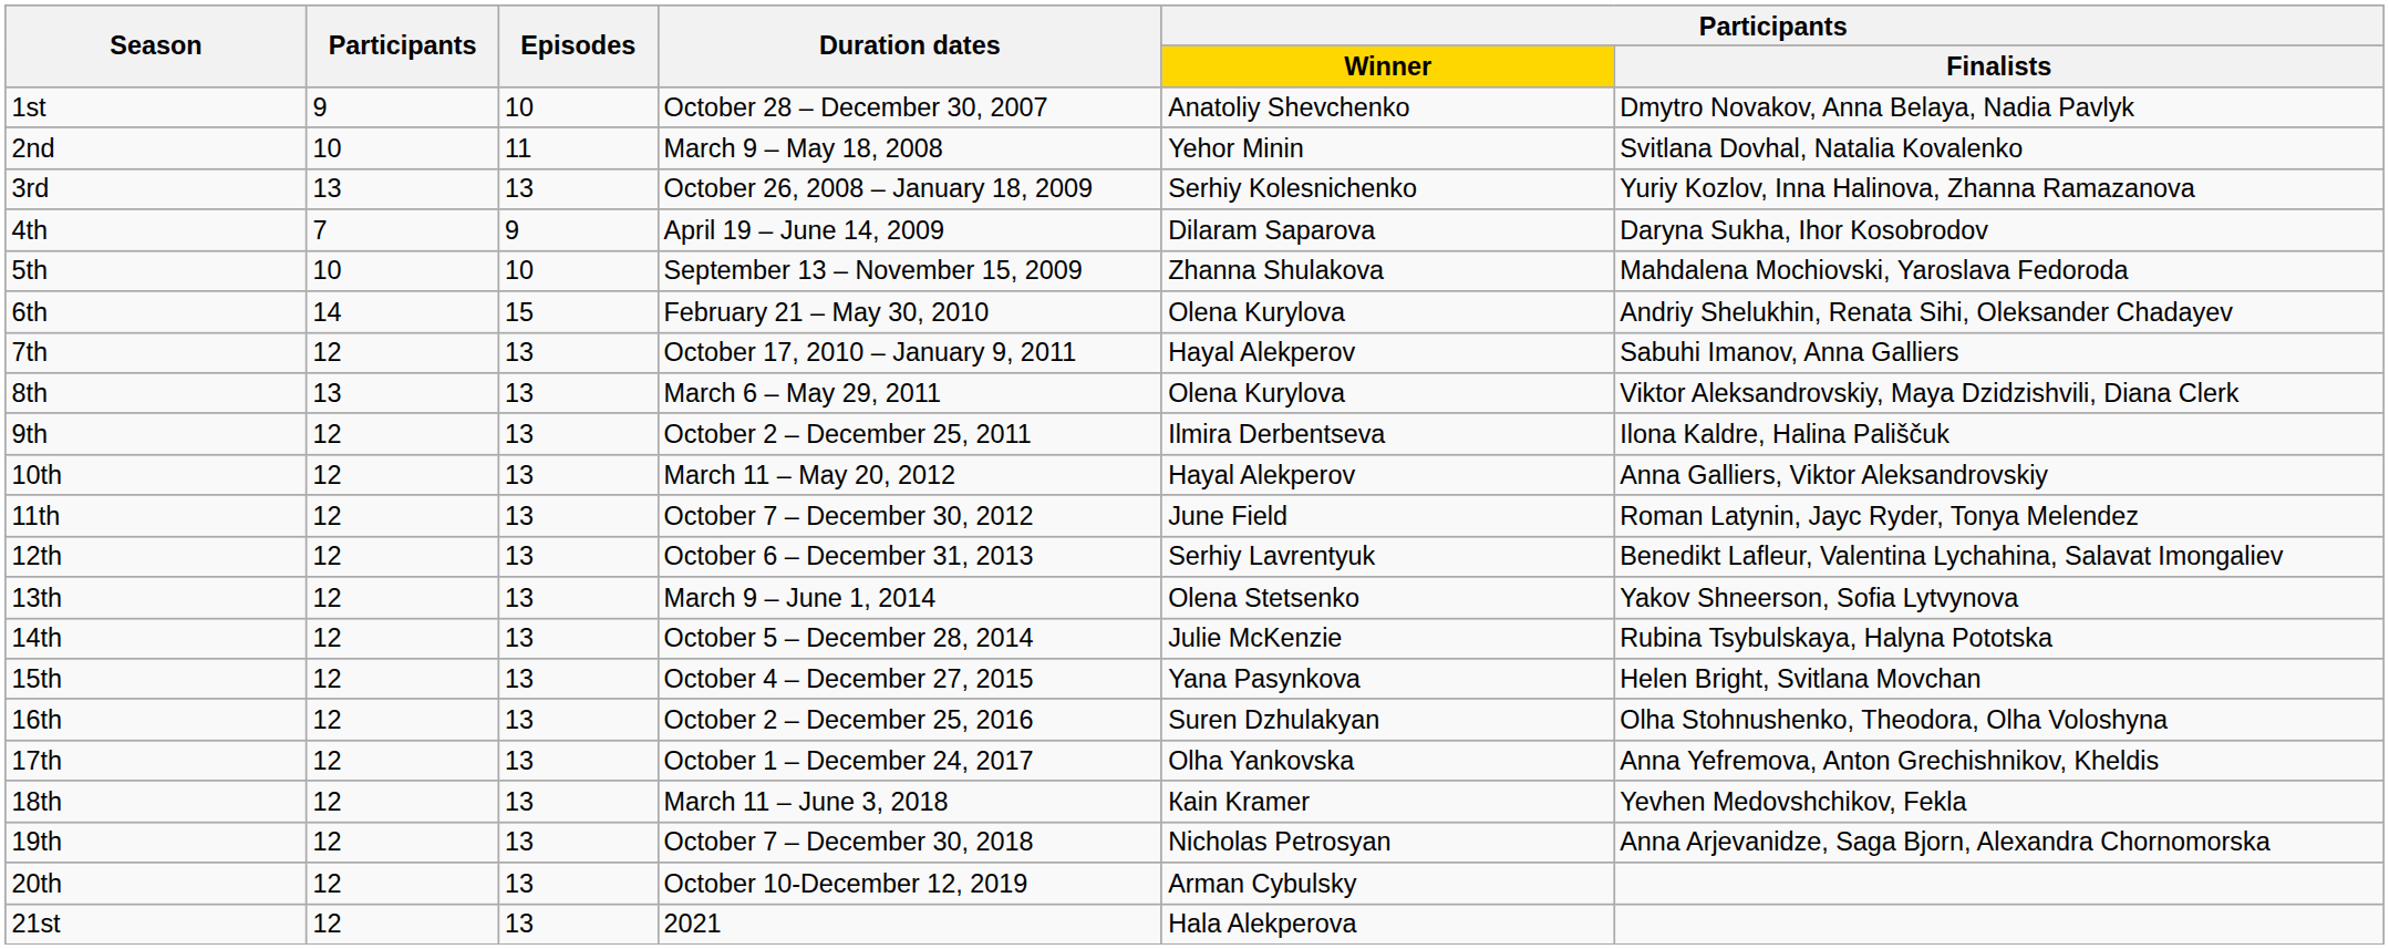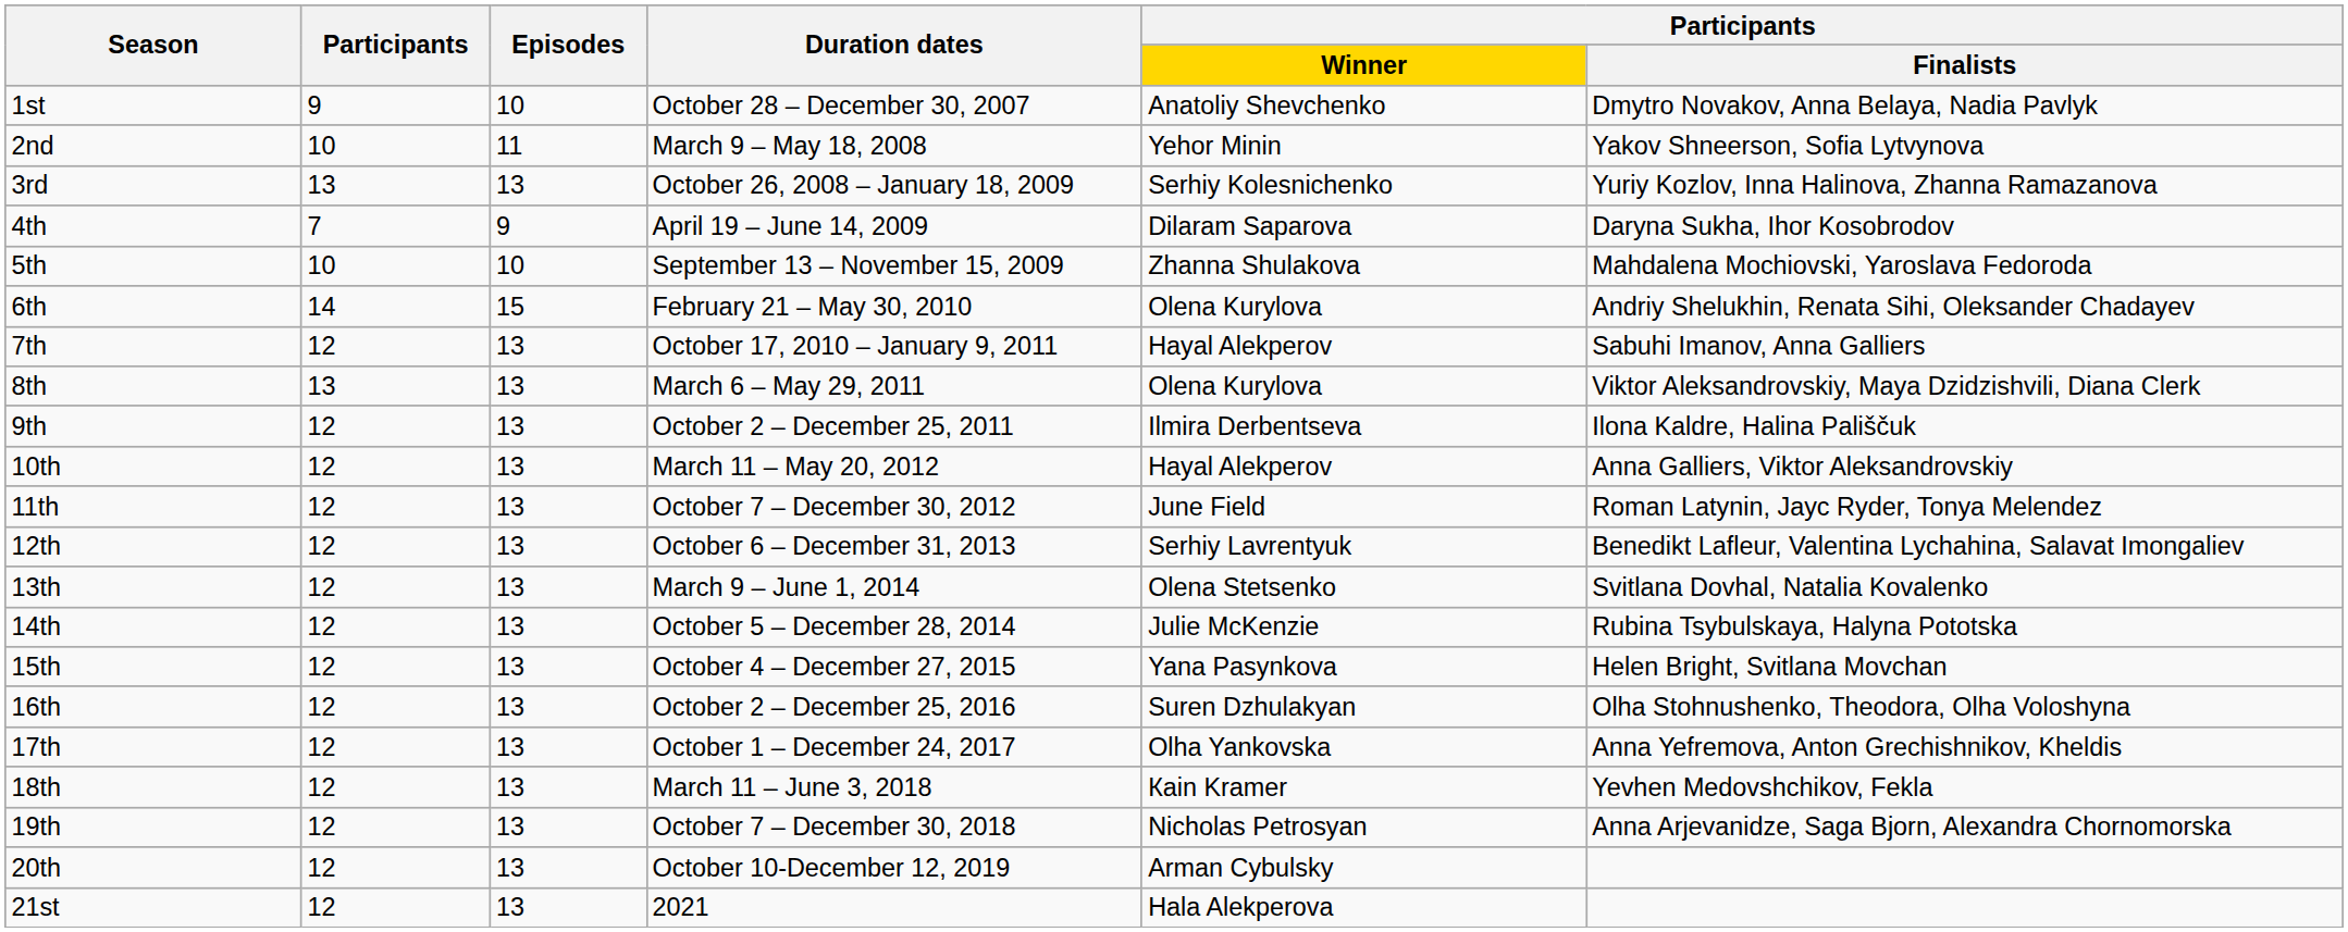 <table class="wikitable" style="white-space:nowrap; font-size:85%;">
 <tr>
 <th style="width:10%;" rowspan="2">Season</th>
 <th style="width:5%;" rowspan="2">Participants</th>
 <th style="width:5%;" rowspan="2">Episodes</th>
 <th style="width:10%;" rowspan="2">Duration dates</th>
 <th style="width:45%;" colspan="2">Participants</th>
 </tr>
 <tr>
 <th style="width:15%; background:gold;">Winner</th>
 <th style="width:15%;">Finalists</th>
 </tr>
 <tr>
 <td>1st</td>
 <td>9</td>
 <td>10</td>
 <td>October 28 – December 30, 2007</td>
 <td>Anatoliy Shevchenko</td>
 <td>Dmytro Novakov, Anna Belaya, Nadia Pavlyk</td>
 </tr>
 <tr>
 <td>2nd</td>
 <td>10</td>
 <td>11</td>
 <td>March 9 – May 18, 2008</td>
 <td>Yehor Minin</td>
-<td>Svitlana Dovhal, Natalia Kovalenko</td>
+<td>Yakov Shneerson, Sofia Lytvynova</td>
 </tr>
 <tr>
 <td>3rd</td>
 <td>13</td>
 <td>13</td>
 <td>October 26, 2008 – January 18, 2009</td>
 <td>Serhiy Kolesnichenko</td>
 <td>Yuriy Kozlov, Inna Halinova, Zhanna Ramazanova</td>
 </tr>
 <tr>
 <td>4th</td>
 <td>7</td>
 <td>9</td>
 <td>April 19 – June 14, 2009</td>
 <td>Dilaram Saparova</td>
 <td>Daryna Sukha, Ihor Kosobrodov</td>
 </tr>
 <tr>
 <td>5th</td>
 <td>10</td>
 <td>10</td>
 <td>September 13 – November 15, 2009</td>
 <td>Zhanna Shulakova</td>
 <td>Mahdalena Mochiovski, Yaroslava Fedoroda</td>
 </tr>
 <tr>
 <td>6th</td>
 <td>14</td>
 <td>15</td>
 <td>February 21 – May 30, 2010</td>
 <td>Olena Kurylova</td>
 <td>Andriy Shelukhin, Renata Sihi, Oleksander Chadayev</td>
 </tr>
 <tr>
 <td>7th</td>
 <td>12</td>
 <td>13</td>
 <td>October 17, 2010 – January 9, 2011</td>
 <td>Hayal Alekperov</td>
 <td>Sabuhi Imanov, Anna Galliers</td>
 </tr>
 <tr>
 <td>8th</td>
 <td>13</td>
 <td>13</td>
 <td>March 6 – May 29, 2011</td>
 <td>Olena Kurylova</td>
 <td>Viktor Aleksandrovskiy, Maya Dzidzishvili, Diana Clerk</td>
 </tr>
 <tr>
 <td>9th</td>
 <td>12</td>
 <td>13</td>
 <td>October 2 – December 25, 2011</td>
 <td>Ilmira Derbentseva</td>
 <td>Ilona Kaldre, Halina Pališčuk</td>
 </tr>
 <tr>
 <td>10th</td>
 <td>12</td>
 <td>13</td>
 <td>March 11 – May 20, 2012</td>
 <td>Hayal Alekperov</td>
 <td>Anna Galliers, Viktor Aleksandrovskiy</td>
 </tr>
 <tr>
 <td>11th</td>
 <td>12</td>
 <td>13</td>
 <td>October 7 – December 30, 2012</td>
 <td>June Field</td>
 <td>Roman Latynin, Jayc Ryder, Tonya Melendez</td>
 </tr>
 <tr>
 <td>12th</td>
 <td>12</td>
 <td>13</td>
 <td>October 6 – December 31, 2013</td>
 <td>Serhiy Lavrentyuk</td>
 <td>Benedikt Lafleur, Valentina Lychahina, Salavat Imongaliev</td>
 </tr>
 <tr>
 <td>13th</td>
 <td>12</td>
 <td>13</td>
 <td>March 9 – June 1, 2014</td>
 <td>Olena Stetsenko</td>
-<td>Yakov Shneerson, Sofia Lytvynova</td>
+<td>Svitlana Dovhal, Natalia Kovalenko</td>
 </tr>
 <tr>
 <td>14th</td>
 <td>12</td>
 <td>13</td>
 <td>October 5 – December 28, 2014</td>
 <td>Julie McKenzie</td>
 <td>Rubina Tsybulskaya, Halyna Pototska</td>
 </tr>
 <tr>
 <td>15th</td>
 <td>12</td>
 <td>13</td>
 <td>October 4 – December 27, 2015</td>
 <td>Yana Pasynkova</td>
 <td>Helen Bright, Svitlana Movchan</td>
 </tr>
 <tr>
 <td>16th</td>
 <td>12</td>
 <td>13</td>
 <td>October 2 – December 25, 2016</td>
 <td>Suren Dzhulakyan</td>
 <td>Olha Stohnushenko, Theodora, Olha Voloshyna</td>
 </tr>
 <tr>
 <td>17th</td>
 <td>12</td>
 <td>13</td>
 <td>October 1 – December 24, 2017</td>
 <td>Olha Yankovska</td>
 <td>Anna Yefremova, Anton Grechishnikov, Kheldis</td>
 </tr>
 <tr>
 <td>18th</td>
 <td>12</td>
 <td>13</td>
 <td>March 11 – June 3, 2018</td>
 <td>Кain Kramer</td>
 <td>Yevhen Medovshchikov, Fekla</td>
 </tr>
 <tr>
 <td>19th</td>
 <td>12</td>
 <td>13</td>
 <td>October 7 – December 30, 2018</td>
 <td>Nicholas Petrosyan</td>
 <td>Anna Arjevanidze, Saga Bjorn, Alexandra Chornomorska</td>
 </tr>
 <tr>
 <td>20th</td>
 <td>12</td>
 <td>13</td>
 <td>October 10-December 12, 2019</td>
 <td>Arman Cybulsky</td>
 <td></td>
 </tr>
 <tr>
 <td>21st</td>
 <td>12</td>
 <td>13</td>
 <td>2021</td>
 <td>Hala Alekperova</td>
 </tr>
 </table>
